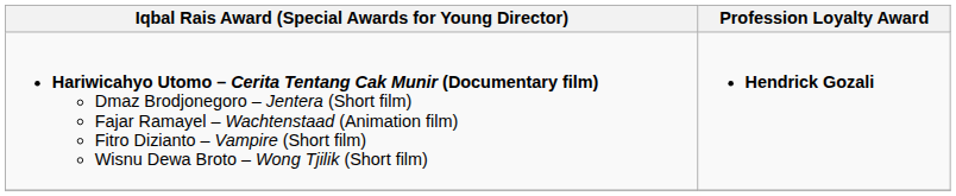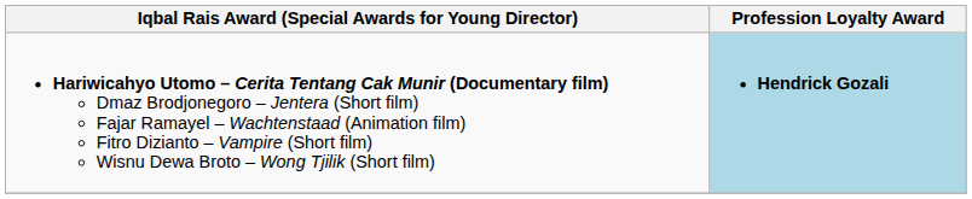 <table class=wikitable style="width:100%;">
 <tr>
 <th style="width=50%">Iqbal Rais Award (Special Awards for Young Director)</th>
 <th style="width=50%">Profession Loyalty Award</th>
 </tr>
 <tr>
 <td valign= "top"><br><ul><li><strong>Hariwicahyo Utomo – <em>Cerita Tentang Cak Munir</em> (Documentary film)</strong><ul><li>Dmaz Brodjonegoro – <em>Jentera</em> (Short film)</li><li>Fajar Ramayel – <em>Wachtenstaad </em> (Animation film)</li><li>Fitro Dizianto – <em>Vampire</em> (Short film)</li><li>Wisnu Dewa Broto – <em>Wong Tjilik</em> (Short film)</li></ul></li></ul></td>
-<td valign= "top"><br><ul><li><strong>Hendrick Gozali</strong></li></ul></td>
+<td valign= "top" style="background: lightblue;"><br><ul><li><strong>Hendrick Gozali</strong></li></ul></td>
 </tr>
 <tr>
 </tr>
 </table>
